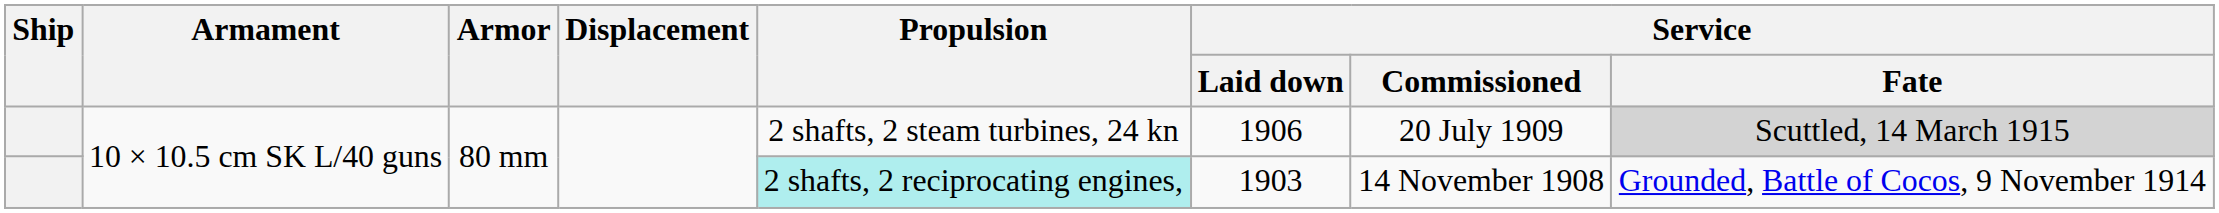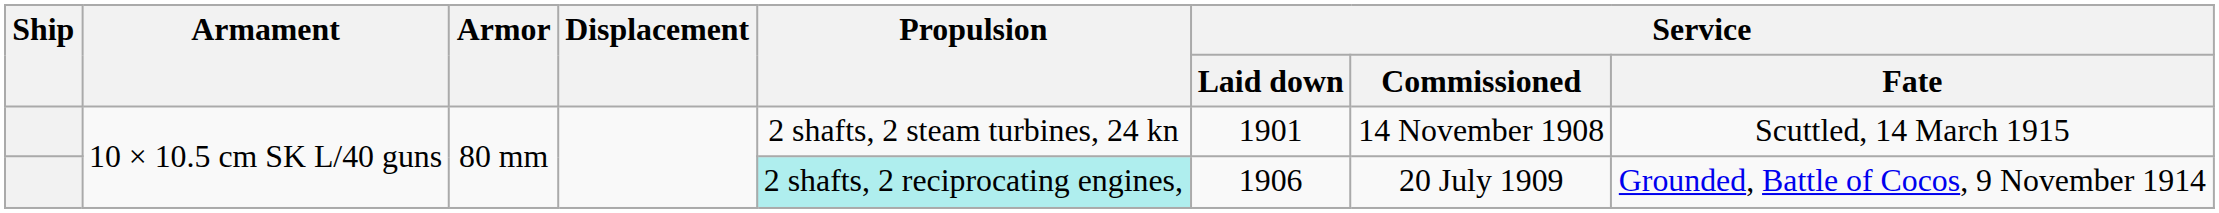 <table class="wikitable plainrowheaders" style="text-align: center;">
 <tr valign="top">
 <th scope="col" rowspan="2">Ship</th>
 <th scope="col" rowspan="2">Armament</th>
 <th scope="col" rowspan="2">Armor</th>
 <th scope="col" rowspan="2">Displacement</th>
 <th scope="col" rowspan="2">Propulsion</th>
 <th scope="col" colspan="3">Service</th>
 </tr>
 <tr valign="top">
 <th scope="col">Laid down</th>
 <th scope="col">Commissioned</th>
 <th scope="col">Fate</th>
 </tr>
 <tr valign="center">
 <th scope="row"></th>
 <td rowspan="2">10 × 10.5 cm SK L/40 guns</td>
 <td rowspan="2">80 mm</td>
 <td rowspan="2"></td>
 <td rowspan="1">2 shafts, 2 steam turbines, 24 kn</td>
-<td>1906</td>
-<td>20 July 1909</td>
-<td style="background: lightgrey;">Scuttled, 14 March 1915</td>
+<td>1901</td>
+<td>14 November 1908</td>
+<td>Scuttled, 14 March 1915</td>
 </tr>
 <tr valign="center">
 <th scope="row"></th>
 <td style="background: paleturquoise;">2 shafts, 2 reciprocating engines, </td>
-<td>1903</td>
-<td>14 November 1908</td>
+<td>1906</td>
+<td>20 July 1909</td>
 <td><a href='#'>Grounded</a>, <a href='#'>Battle of Cocos</a>, 9 November 1914</td>
 </tr>
 </table>
